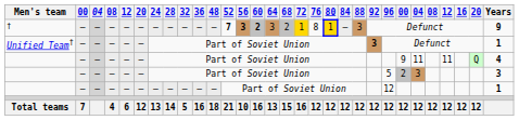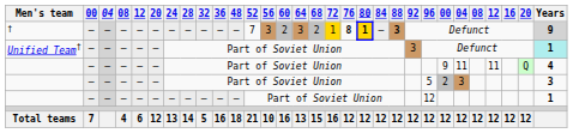 <table class="wikitable" style="text-align: center; font-size: 90%; margin-left: 1em;">
 <tr>
 <th>Men's team</th>
 <th><a href='#'>00</a></th>
 <th><em><a href='#'>04</a></em></th>
 <th><a href='#'>08</a></th>
 <th><a href='#'>12</a></th>
 <th><a href='#'>20</a></th>
 <th><a href='#'>24</a></th>
 <th><a href='#'>28</a></th>
 <th><a href='#'>32</a></th>
 <th><a href='#'>36</a></th>
 <th><a href='#'>48</a></th>
 <th><a href='#'>52</a></th>
 <th><a href='#'>56</a></th>
 <th><a href='#'>60</a></th>
 <th><a href='#'>64</a></th>
 <th><a href='#'>68</a></th>
 <th><a href='#'>72</a></th>
 <th><a href='#'>76</a></th>
 <th><a href='#'>80</a></th>
 <th><a href='#'>84</a></th>
 <th><a href='#'>88</a></th>
 <th><a href='#'>92</a></th>
 <th><a href='#'>96</a></th>
 <th><a href='#'>00</a></th>
 <th><a href='#'>04</a></th>
 <th><a href='#'>08</a></th>
 <th><a href='#'>12</a></th>
 <th><a href='#'>16</a></th>
 <th><a href='#'>20</a></th>
 <th>Years</th>
 </tr>
 <tr>
 <td style="text-align: left;"><em></em><sup>†</sup></td>
 <td style="background-color: #ececec;">—</td>
 <td style="background-color: lightgray;">—</td>
 <td style="background-color: #ececec;">—</td>
 <td style="background-color: #ececec;">—</td>
 <td style="background-color: #ececec;">—</td>
 <td style="background-color: #ececec;">—</td>
 <td style="background-color: #ececec;">—</td>
 <td style="background-color: #ececec;">—</td>
 <td style="background-color: #ececec;">—</td>
 <td style="background-color: #ececec;">—</td>
-<td><strong>7</strong></td>
-<td style="background-color: #cc9966;"><strong>3</strong></td>
-<td style="background-color: silver;"><strong>2</strong></td>
+<td>7</td>
+<td style="background-color: #cc9966;">3</td>
+<td style="background-color: silver;">2</td>
 <td style="background-color: #cc9966;">3</td>
 <td style="background-color: silver;">2</td>
 <td style="background-color: gold;">1</td>
-<td>8</td>
-<td style="border: 2px solid blue; background-color: gold;">1</td>
+<td><strong>8</strong></td>
+<td style="border: 2px solid blue; background-color: gold;"><strong>1</strong></td>
 <td style="background-color: #ececec;">—</td>
-<td style="background-color: #cc9966;">3</td>
+<td style="background-color: #cc9966;"><strong>3</strong></td>
 <td colspan="8"><em>Defunct</em></td>
-<td><strong>9</strong></td>
+<td style="background: lightgrey;"><strong>9</strong></td>
 </tr>
 <tr>
 <td style="text-align: left;"><em> <a href='#'>Unified Team</a></em><sup>†</sup></td>
 <td style="background-color: #ececec;">—</td>
 <td style="background-color: lightgray;">—</td>
 <td style="background-color: #ececec;">—</td>
 <td style="background-color: #ececec;">—</td>
 <td style="background-color: #ececec;">—</td>
 <td colspan="15">Part of <em>Soviet Union</em></td>
-<td style="background-color: #cc9966;"><strong>3</strong></td>
+<td style="background-color: #cc9966;">3</td>
 <td colspan="7"><em>Defunct</em></td>
-<td><strong>1</strong></td>
+<td style="background: paleturquoise;"><strong>1</strong></td>
 </tr>
 <tr>
 <td style="text-align: left;"></td>
 <td style="background-color: #ececec;">—</td>
 <td style="background-color: lightgray;">—</td>
 <td style="background-color: #ececec;">—</td>
 <td style="background-color: #ececec;">—</td>
 <td style="background-color: #ececec;">—</td>
 <td colspan="15">Part of <em>Soviet Union</em></td>
 <td></td>
 <td></td>
 <td>9</td>
 <td>11</td>
 <td></td>
 <td>11</td>
 <td></td>
 <td style="background-color: #ccffcc;">Q</td>
 <td><strong>4</strong></td>
 </tr>
 <tr>
 <td style="text-align: left;"></td>
 <td style="background-color: #ececec;">—</td>
 <td style="background-color: lightgray;">—</td>
 <td style="background-color: #ececec;">—</td>
 <td style="background-color: #ececec;">—</td>
 <td style="background-color: #ececec;">—</td>
 <td colspan="15">Part of <em>Soviet Union</em></td>
 <td></td>
 <td>5</td>
 <td style="background-color: silver;">2</td>
 <td style="background-color: #cc9966;">3</td>
 <td></td>
 <td></td>
 <td></td>
 <td></td>
 <td><strong>3</strong></td>
 </tr>
 <tr>
 <td style="text-align: left;"></td>
 <td style="background-color: #ececec;">—</td>
 <td style="background-color: lightgray;">—</td>
 <td style="background-color: #ececec;">—</td>
 <td style="background-color: #ececec;">—</td>
 <td style="background-color: #ececec;">—</td>
 <td style="background-color: #ececec;">—</td>
 <td style="background-color: #ececec;">—</td>
 <td style="background-color: #ececec;">—</td>
 <td style="background-color: #ececec;">—</td>
 <td style="background-color: #ececec;">—</td>
 <td colspan="10">Part of <em>Soviet Union</em></td>
 <td></td>
 <td>12</td>
 <td></td>
 <td></td>
 <td></td>
 <td></td>
 <td></td>
 <td></td>
 <td><strong>1</strong></td>
 </tr>
 <tr style="background-color: lightgrey;">
 <td colspan="30"></td>
 </tr>
 <tr>
 <th>Total teams</th>
 <th>7</th>
 <th></th>
 <th>4</th>
 <th>6</th>
 <th>12</th>
 <th>13</th>
 <th>14</th>
 <th>5</th>
 <th>16</th>
 <th>18</th>
 <th>21</th>
 <th>10</th>
 <th>16</th>
 <th>13</th>
 <th>15</th>
 <th>16</th>
 <th>12</th>
 <th>12</th>
 <th>12</th>
 <th>12</th>
 <th>12</th>
 <th>12</th>
 <th>12</th>
 <th>12</th>
 <th>12</th>
 <th>12</th>
 <th>12</th>
 <th>12</th>
 <th></th>
 </tr>
 </table>
